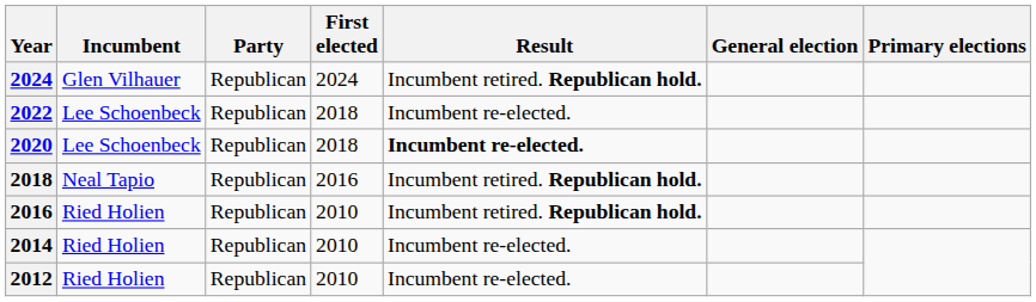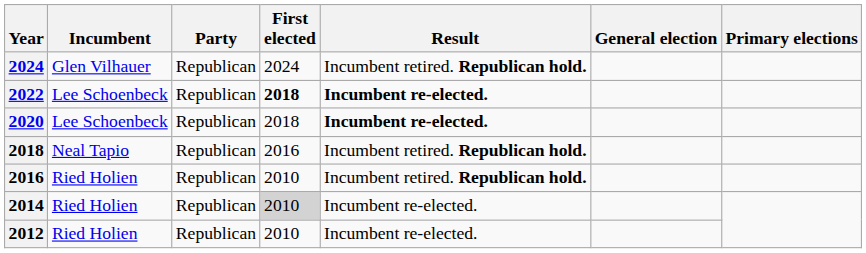 <table class=wikitable>
 <tr valign=bottom>
 <th>Year</th>
 <th>Incumbent</th>
 <th>Party</th>
 <th>First<br>elected</th>
 <th>Result</th>
 <th>General election</th>
 <th>Primary elections</th>
 </tr>
 <tr>
 <th><a href='#'>2024</a></th>
 <td><a href='#'>Glen Vilhauer</a></td>
 <td>Republican</td>
 <td>2024</td>
 <td>Incumbent retired. <strong>Republican hold.</strong></td>
 <td nowrap></td>
 </tr>
 <tr>
 <th><a href='#'>2022</a></th>
 <td><a href='#'>Lee Schoenbeck</a></td>
 <td>Republican</td>
-<td>2018</td>
-<td>Incumbent re-elected.</td>
+<td><strong>2018</strong></td>
+<td><strong>Incumbent re-elected.</strong></td>
 <td nowrap></td>
 <td nowrap></td>
 </tr>
 <tr>
 <th><a href='#'>2020</a></th>
 <td><a href='#'>Lee Schoenbeck</a></td>
 <td>Republican</td>
 <td>2018</td>
 <td><strong>Incumbent re-elected.</strong></td>
 <td nowrap></td>
 </tr>
 <tr>
 <th>2018</th>
 <td><a href='#'>Neal Tapio</a></td>
 <td>Republican</td>
 <td>2016</td>
 <td>Incumbent retired. <strong>Republican hold.</strong></td>
 <td nowrap></td>
 <td nowrap></td>
 </tr>
 <tr>
 <th>2016</th>
 <td><a href='#'>Ried Holien</a></td>
 <td>Republican</td>
 <td>2010</td>
 <td>Incumbent retired. <strong>Republican hold.</strong></td>
 <td nowrap></td>
 <td nowrap></td>
 </tr>
 <tr>
 <th>2014</th>
 <td><a href='#'>Ried Holien</a></td>
 <td>Republican</td>
-<td>2010</td>
+<td style="background: lightgrey;">2010</td>
 <td>Incumbent re-elected.</td>
 <td nowrap></td>
 </tr>
 <tr>
 <th>2012</th>
 <td><a href='#'>Ried Holien</a></td>
 <td>Republican</td>
 <td>2010</td>
 <td>Incumbent re-elected.</td>
 <td nowrap></td>
 </tr>
 </table>
